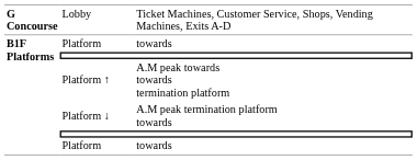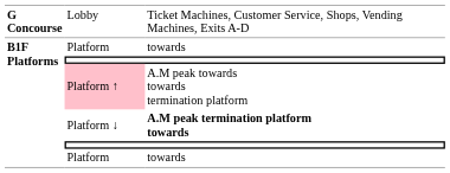 <table table border=0 cellspacing=0 cellpadding=3>
 <tr>
 <td style="border-bottom:solid 1px gray; border-top:solid 1px gray;" valign=top width=50><strong>G<br>Concourse</strong></td>
 <td style="border-bottom:solid 1px gray; border-top:solid 1px gray;" valign=top width=100>Lobby</td>
 <td style="border-bottom:solid 1px gray; border-top:solid 1px gray;" valign=top width=390>Ticket Machines, Customer Service, Shops, Vending Machines, Exits A-D</td>
 </tr>
 <tr>
 <td style="border-bottom:solid 1px gray;" rowspan=7 valign=top><strong>B1F<br>Platforms</strong></td>
 <td>Platform</td>
 <td>  towards  </td>
 </tr>
 <tr>
 <td style="border-right:solid 2px black;border-left:solid 2px black;border-top:solid 2px black;border-bottom:solid 2px black;text-align:center;" colspan=2></td>
 </tr>
 <tr>
-<td style="border-bottom:solid 1px write;">Platform ↑</td>
+<td style="background: pink; border-bottom:solid 1px write;">Platform ↑</td>
 <td style="border-bottom:solid 1px write;">  A.M peak towards  <br>  towards  <br>  termination platform</td>
 </tr>
 <tr>
 <td>Platform ↓</td>
-<td>  A.M peak termination platform <br>  towards   </td>
+<td><strong>  A.M peak termination platform <br>  towards   </strong></td>
 </tr>
 <tr>
 <td style="border-right:solid 2px black;border-left:solid 2px black;border-top:solid 2px black;border-bottom:solid 2px black;text-align:center;" colspan=2></td>
 </tr>
 <tr>
 <td style="border-bottom:solid 1px gray;">Platform</td>
 <td style="border-bottom:solid 1px gray;">  towards   </td>
 </tr>
 </table>
